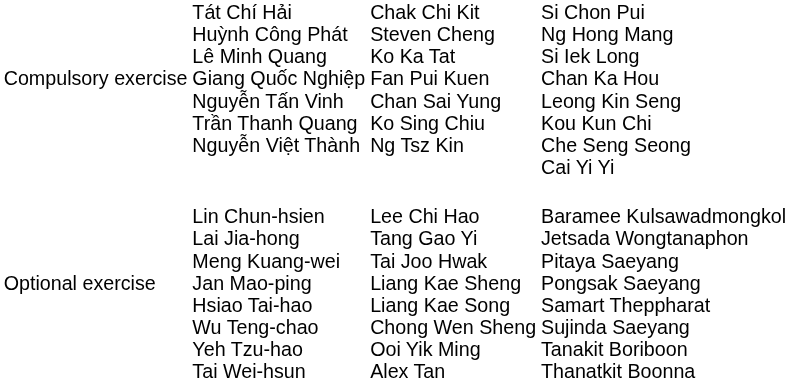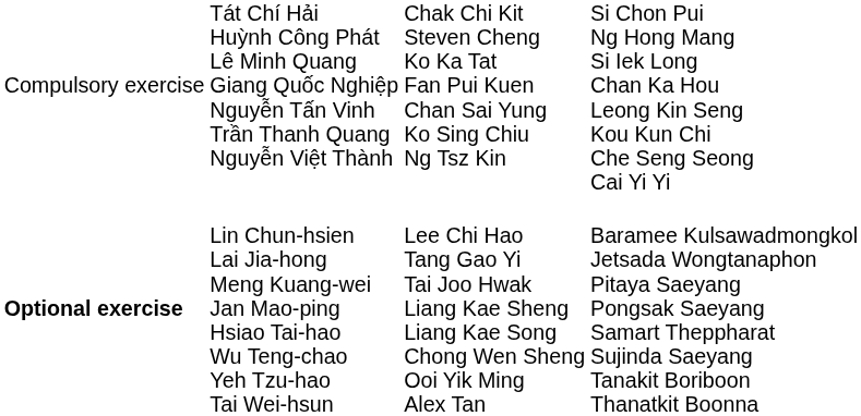 <table>
 <tr>
 <td>Compulsory exercise</td>
 <td valign=top><br>Tát Chí Hải<br>Huỳnh Công Phát<br>Lê Minh Quang<br>Giang Quốc Nghiệp<br>Nguyễn Tấn Vinh<br>Trần Thanh Quang<br>Nguyễn Việt Thành</td>
 <td valign=top><br>Chak Chi Kit<br>Steven Cheng<br>Ko Ka Tat<br>Fan Pui Kuen<br>Chan Sai Yung<br>Ko Sing Chiu<br>Ng Tsz Kin</td>
 <td><br>Si Chon Pui<br>Ng Hong Mang<br>Si Iek Long<br>Chan Ka Hou<br>Leong Kin Seng<br>Kou Kun Chi<br>Che Seng Seong<br>Cai Yi Yi</td>
 </tr>
 <tr>
-<td>Optional exercise</td>
+<td><strong>Optional exercise</strong></td>
 <td><br>Lin Chun-hsien<br>Lai Jia-hong<br>Meng Kuang-wei<br>Jan Mao-ping<br>Hsiao Tai-hao<br>Wu Teng-chao<br>Yeh Tzu-hao<br>Tai Wei-hsun</td>
 <td><br>Lee Chi Hao<br>Tang Gao Yi<br>Tai Joo Hwak<br>Liang Kae Sheng<br>Liang Kae Song<br>Chong Wen Sheng<br>Ooi Yik Ming<br>Alex Tan</td>
 <td><br>Baramee Kulsawadmongkol<br>Jetsada Wongtanaphon<br>Pitaya Saeyang<br>Pongsak Saeyang<br>Samart Theppharat<br>Sujinda Saeyang<br>Tanakit Boriboon<br>Thanatkit Boonna</td>
 </tr>
 </table>
